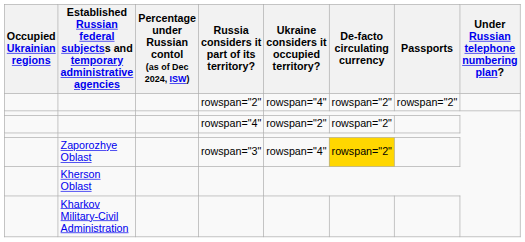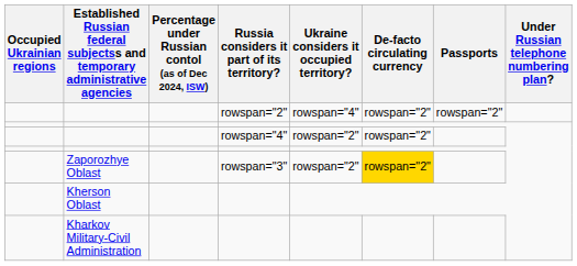 <table class="wikitable">
 <tr>
 <th> Occupied<br><a href='#'>Ukrainian regions</a></th>
 <th> Established<br><a href='#'>Russian federal subjects</a>s and<br><a href='#'>temporary administrative agencies</a></th>
 <th>Percentage under<br>Russian contol<br><small>(as of Dec 2024, <a href='#'>ISW</a>)</small></th>
 <th>Russia considers it<br>part of its territory?</th>
 <th>Ukraine considers it<br>occupied territory?</th>
 <th>De-facto<br>circulating currency</th>
 <th>Passports</th>
 <th>Under <a href='#'>Russian telephone<br>numbering plan</a>?</th>
 </tr>
 <tr>
 <td></td>
 <td></td>
 <td></td>
 <td>rowspan="2" </td>
 <td>rowspan="4" </td>
 <td>rowspan="2" </td>
 <td>rowspan="2" </td>
 <td></td>
 </tr>
 <tr>
 <td></td>
 <td></td>
 <td></td>
 <td></td>
 </tr>
 <tr>
 <td></td>
 <td></td>
 <td></td>
 <td>rowspan="4" </td>
 <td>rowspan="2" </td>
 <td>rowspan="2" </td>
 <td></td>
 </tr>
 <tr>
 <td></td>
 <td></td>
 <td></td>
 <td></td>
 </tr>
 <tr>
 <td></td>
 <td> <a href='#'>Zaporozhye Oblast</a></td>
 <td></td>
 <td>rowspan="3" </td>
-<td>rowspan="4" </td>
+<td>rowspan="2" </td>
 <td style="background: gold;">rowspan="2" </td>
 <td></td>
 </tr>
 <tr>
 <td><br></td>
 <td> <a href='#'>Kherson Oblast</a></td>
 <td></td>
 <td></td>
 </tr>
 <tr>
 <td></td>
 <td> <a href='#'>Kharkov Military-Civil Administration</a></td>
 <td></td>
 <td></td>
 <td></td>
 <td></td>
 <td></td>
 </tr>
 </table>
